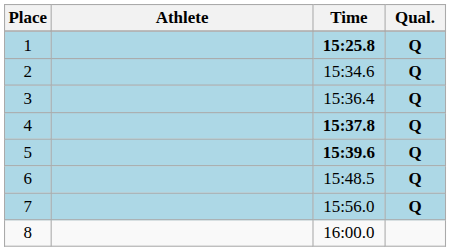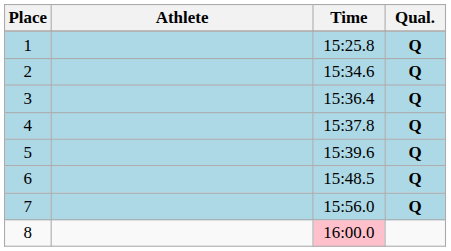 <table class=wikitable style="text-align:center">
 <tr>
 <th width=20>Place</th>
 <th width=240>Athlete</th>
 <th width=60>Time</th>
 <th width=50>Qual.</th>
 </tr>
 <tr>
 </tr>
 <tr bgcolor=lightblue>
 <td>1</td>
 <td align=left></td>
-<td><strong>15:25.8</strong></td>
+<td>15:25.8</td>
 <td><strong>Q</strong></td>
 </tr>
 <tr bgcolor=lightblue>
 <td>2</td>
 <td align=left></td>
 <td>15:34.6</td>
 <td><strong>Q</strong></td>
 </tr>
 <tr bgcolor=lightblue>
 <td>3</td>
 <td align=left></td>
 <td>15:36.4</td>
 <td><strong>Q</strong></td>
 </tr>
 <tr bgcolor=lightblue>
 <td>4</td>
 <td align=left></td>
-<td><strong>15:37.8</strong></td>
+<td>15:37.8</td>
 <td><strong>Q</strong></td>
 </tr>
 <tr bgcolor=lightblue>
 <td>5</td>
 <td align=left></td>
-<td><strong>15:39.6</strong></td>
+<td>15:39.6</td>
 <td><strong>Q</strong></td>
 </tr>
 <tr bgcolor=lightblue>
 <td>6</td>
 <td align=left></td>
 <td>15:48.5</td>
 <td><strong>Q</strong></td>
 </tr>
 <tr bgcolor=lightblue>
 <td>7</td>
 <td align=left></td>
 <td>15:56.0</td>
 <td><strong>Q</strong></td>
 </tr>
 <tr>
 <td>8</td>
 <td align=left></td>
-<td>16:00.0</td>
+<td style="background: pink;">16:00.0</td>
 <td></td>
 </tr>
 </table>
